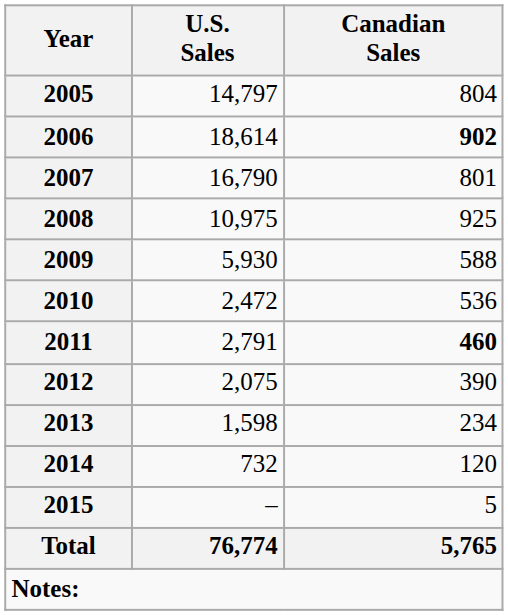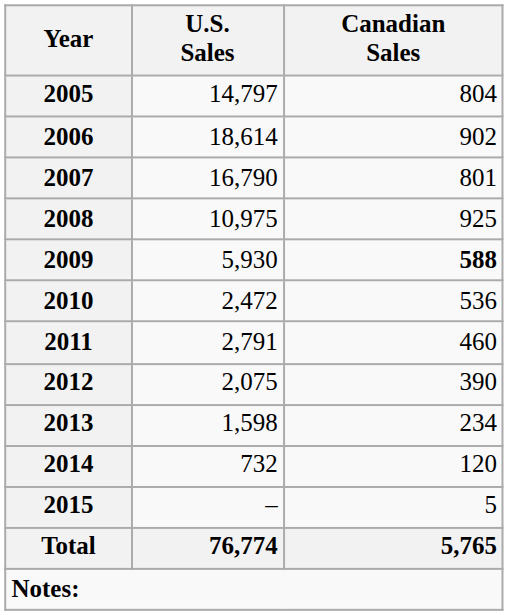 <table class="wikitable" style="text-align:right; font-size:80%; float:right; width:20em">
 <tr>
 <th style="text-align:center;" scope="row">Year</th>
 <th>U.S.<br>Sales</th>
 <th>Canadian<br>Sales</th>
 </tr>
 <tr>
 <th style="text-align:center;">2005</th>
 <td>14,797</td>
 <td>804</td>
 </tr>
 <tr>
 <th style="text-align:center;">2006</th>
 <td>18,614</td>
-<td><strong>902</strong></td>
+<td>902</td>
 </tr>
 <tr>
 <th style="text-align:center;">2007</th>
 <td>16,790</td>
 <td>801</td>
 </tr>
 <tr>
 <th style="text-align:center;">2008</th>
 <td>10,975</td>
 <td>925</td>
 </tr>
 <tr>
 <th style="text-align:center;">2009</th>
 <td>5,930</td>
-<td>588</td>
+<td><strong>588</strong></td>
 </tr>
 <tr>
 <th style="text-align:center;">2010</th>
 <td>2,472</td>
 <td>536</td>
 </tr>
 <tr>
 <th style="text-align:center;">2011</th>
 <td>2,791</td>
-<td><strong>460</strong></td>
+<td>460</td>
 </tr>
 <tr>
 <th style="text-align:center;">2012</th>
 <td>2,075</td>
 <td>390</td>
 </tr>
 <tr>
 <th style="text-align:center;">2013</th>
 <td>1,598</td>
 <td>234</td>
 </tr>
 <tr>
 <th style="text-align:center;">2014</th>
 <td>732</td>
 <td>120</td>
 </tr>
 <tr>
 <th style="text-align:center;">2015</th>
 <td>–</td>
 <td>5</td>
 </tr>
 <tr>
 <th style="text-align:center;">Total</th>
 <th style="text-align:right;">76,774</th>
 <th style="text-align:right;">5,765</th>
 </tr>
 <tr>
 <td colspan=3 style="text-align:left;"><strong>Notes:</strong><br></td>
 </tr>
 </table>
